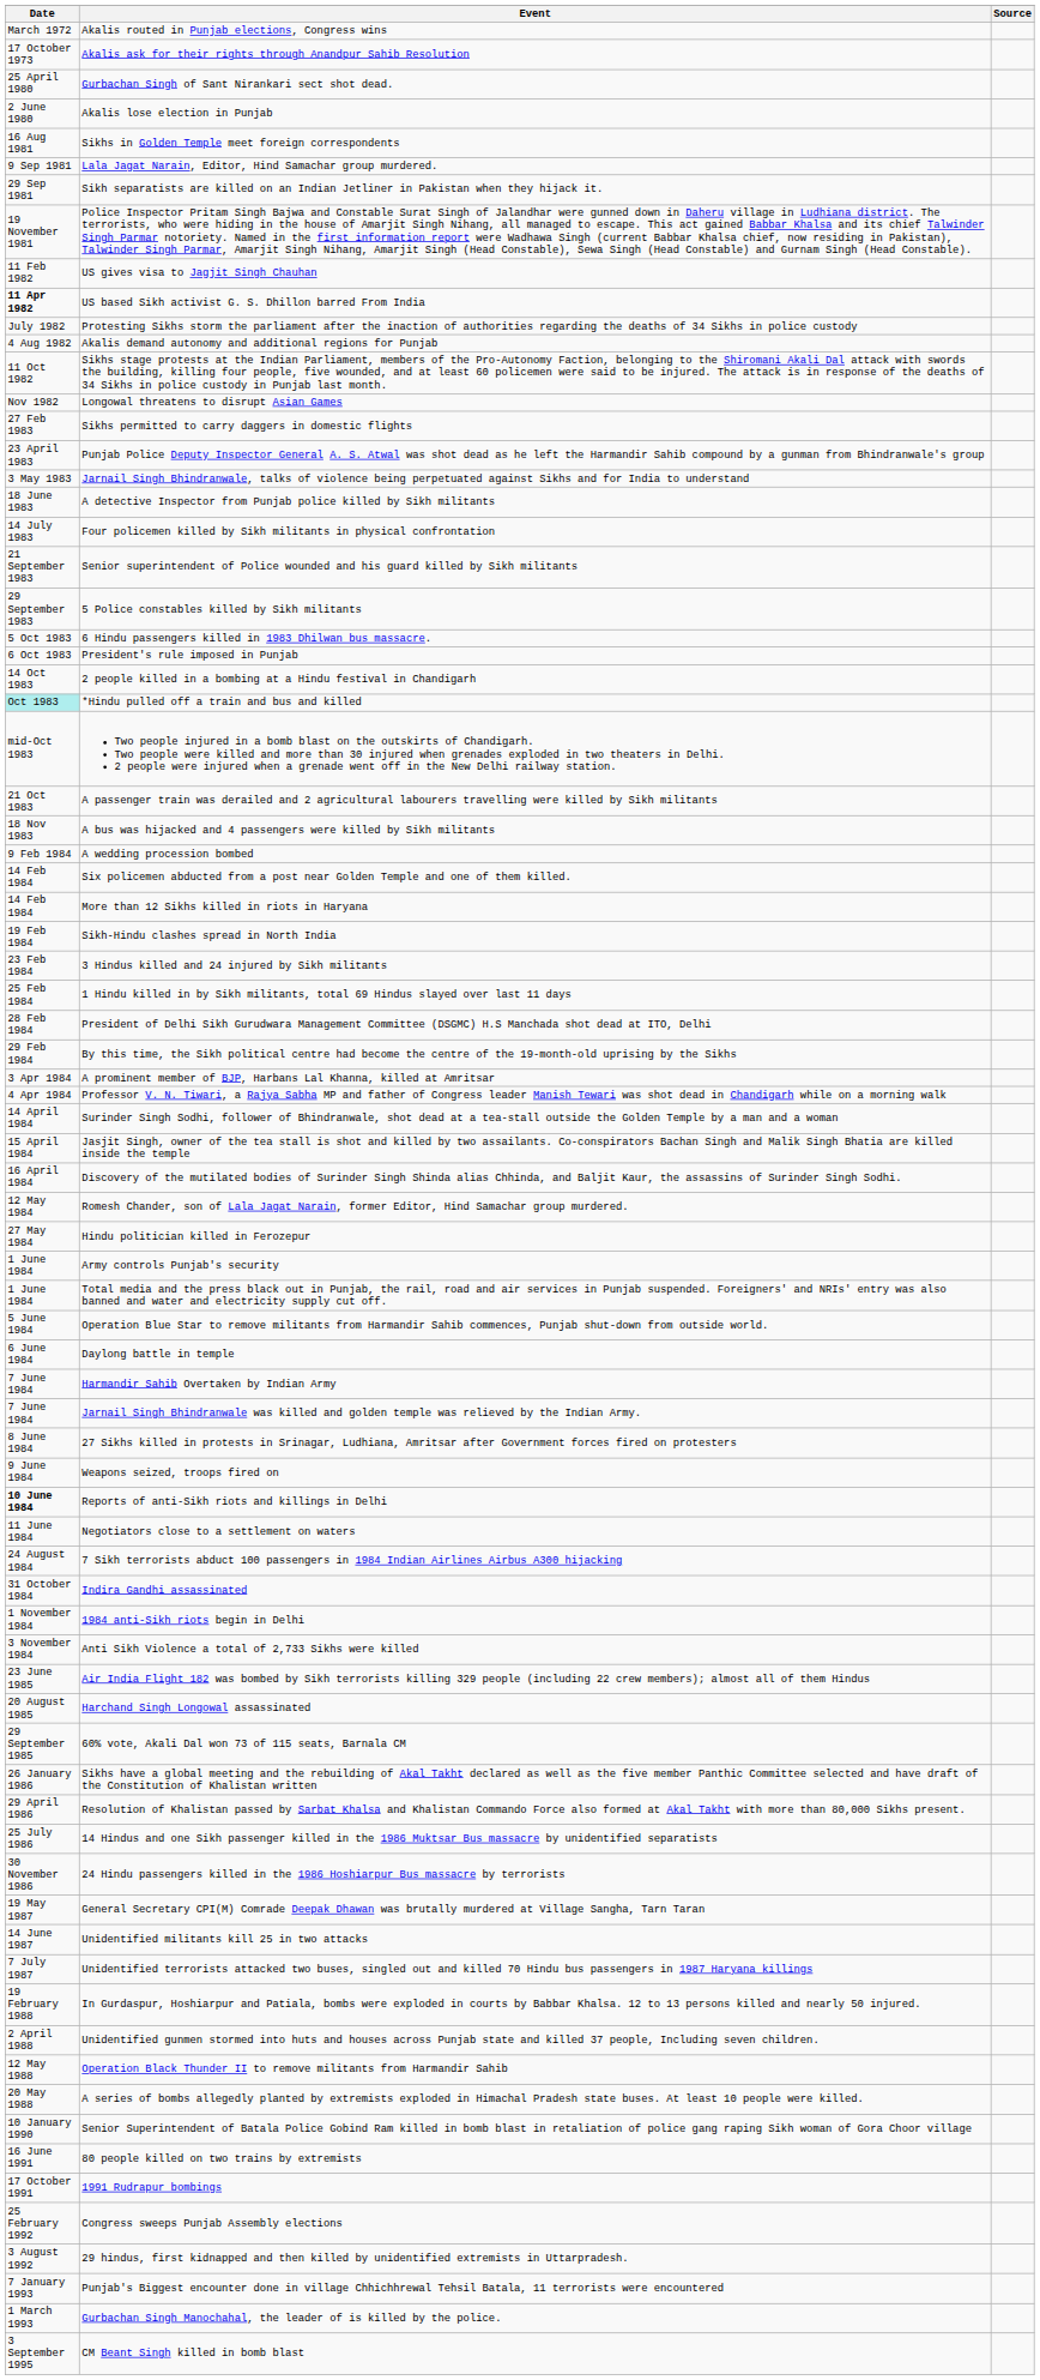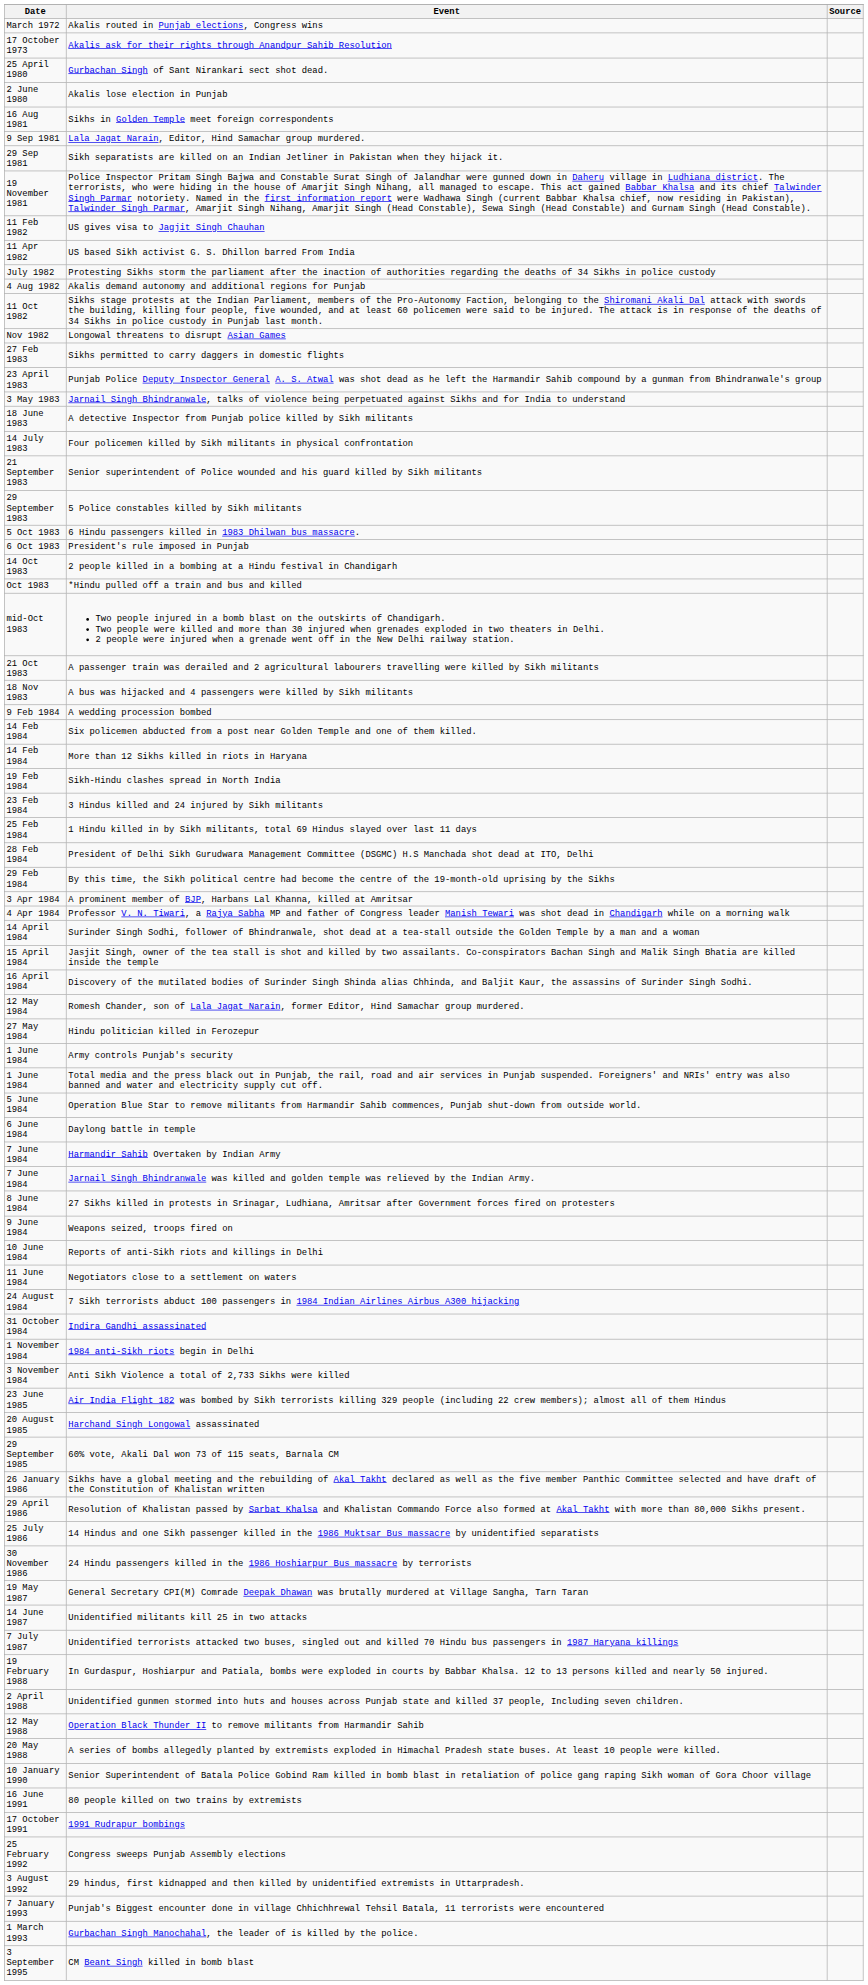 <table class="wikitable sortable" style="margin: 1em auto 1em auto">
 <tr>
 </tr>
 <tr>
 <th>Date</th>
 <th>Event</th>
 <th>Source</th>
 </tr>
 <tr>
 <td>March 1972</td>
 <td>Akalis routed in <a href='#'>Punjab elections</a>, Congress wins</td>
 <td></td>
 </tr>
 <tr>
 <td>17 October 1973</td>
 <td><a href='#'>Akalis ask for their rights through Anandpur Sahib Resolution</a></td>
 <td></td>
 </tr>
 <tr>
 <td>25 April 1980</td>
 <td><a href='#'>Gurbachan Singh</a> of Sant Nirankari sect shot dead.</td>
 <td></td>
 </tr>
 <tr>
 <td>2 June 1980</td>
 <td>Akalis lose election in Punjab</td>
 <td></td>
 </tr>
 <tr>
 <td>16 Aug 1981</td>
 <td>Sikhs in <a href='#'>Golden Temple</a> meet foreign correspondents</td>
 <td></td>
 </tr>
 <tr>
 <td>9 Sep 1981</td>
 <td><a href='#'>Lala Jagat Narain</a>, Editor, Hind Samachar group murdered.</td>
 <td></td>
 </tr>
 <tr>
 <td>29 Sep 1981</td>
 <td>Sikh separatists are killed on an Indian Jetliner in Pakistan when they hijack it.</td>
 <td></td>
 </tr>
 <tr>
 <td>19 November 1981</td>
 <td>Police Inspector Pritam Singh Bajwa and Constable Surat Singh of Jalandhar were gunned down in <a href='#'>Daheru</a> village in <a href='#'>Ludhiana district</a>. The terrorists, who were hiding in the house of Amarjit Singh Nihang, all managed to escape. This act gained <a href='#'>Babbar Khalsa</a> and its chief <a href='#'>Talwinder Singh Parmar</a> notoriety. Named in the <a href='#'>first information report</a> were Wadhawa Singh (current Babbar Khalsa chief, now residing in Pakistan), <a href='#'>Talwinder Singh Parmar</a>, Amarjit Singh Nihang, Amarjit Singh (Head Constable), Sewa Singh (Head Constable) and Gurnam Singh (Head Constable).</td>
 <td></td>
 </tr>
 <tr>
 <td>11 Feb 1982</td>
 <td>US gives visa to <a href='#'>Jagjit Singh Chauhan</a></td>
 <td></td>
 </tr>
 <tr>
-<td><strong>11 Apr 1982</strong></td>
+<td>11 Apr 1982</td>
 <td>US based Sikh activist G. S. Dhillon barred From India</td>
 <td></td>
 </tr>
 <tr>
 <td>July 1982</td>
 <td>Protesting Sikhs storm the parliament after the  inaction of authorities regarding the deaths of 34 Sikhs in police custody</td>
 <td></td>
 </tr>
 <tr>
 <td>4 Aug 1982</td>
 <td>Akalis demand autonomy and additional regions for Punjab</td>
 <td></td>
 </tr>
 <tr>
 <td>11 Oct 1982</td>
 <td>Sikhs stage protests at the Indian Parliament, members of the Pro-Autonomy Faction, belonging to the <a href='#'>Shiromani Akali Dal</a> attack with swords the building, killing four people, five wounded, and at least 60 policemen were said to be injured. The attack is in response of the deaths of 34 Sikhs in police custody in Punjab last month.</td>
 <td></td>
 </tr>
 <tr>
 <td>Nov 1982</td>
 <td>Longowal threatens to disrupt <a href='#'>Asian Games</a></td>
 <td></td>
 </tr>
 <tr>
 <td>27 Feb 1983</td>
 <td>Sikhs permitted to carry daggers in domestic flights</td>
 <td></td>
 </tr>
 <tr>
 <td>23 April 1983</td>
 <td>Punjab Police <a href='#'>Deputy Inspector General</a> <a href='#'>A. S. Atwal</a> was shot dead as he left the Harmandir Sahib compound by a gunman from Bhindranwale's group</td>
 <td></td>
 </tr>
 <tr>
 <td>3 May 1983</td>
 <td><a href='#'>Jarnail Singh Bhindranwale</a>, talks of violence being perpetuated against Sikhs and for India to understand</td>
 <td></td>
 </tr>
 <tr>
 <td>18 June 1983</td>
 <td>A detective Inspector from Punjab police killed by Sikh militants</td>
 <td></td>
 </tr>
 <tr>
 <td>14 July 1983</td>
 <td>Four policemen killed by Sikh militants in physical confrontation</td>
 <td></td>
 </tr>
 <tr>
 <td>21 September 1983</td>
 <td>Senior superintendent of Police wounded and his guard killed by Sikh militants</td>
 <td></td>
 </tr>
 <tr>
 <td>29 September 1983</td>
 <td>5 Police constables killed by Sikh militants</td>
 <td></td>
 </tr>
 <tr>
 <td>5 Oct 1983</td>
 <td>6 Hindu passengers killed in <a href='#'>1983 Dhilwan bus massacre</a>.</td>
 <td></td>
 </tr>
 <tr>
 <td>6 Oct 1983</td>
 <td>President's rule imposed in Punjab</td>
 <td></td>
 </tr>
 <tr>
 <td>14 Oct 1983</td>
 <td>2 people killed in a bombing at a Hindu festival in Chandigarh</td>
 <td></td>
 </tr>
 <tr>
-<td style="background: paleturquoise;">Oct 1983</td>
+<td>Oct 1983</td>
 <td>*Hindu pulled off a train and bus and killed</td>
 <td></td>
 </tr>
 <tr>
 <td>mid-Oct 1983</td>
 <td><br><ul><li>Two people injured in a bomb blast on the outskirts of Chandigarh.</li><li>Two people were killed and more than 30 injured when grenades exploded in two theaters in Delhi.</li><li>2 people were injured when a grenade went off in the New Delhi railway station.</li></ul></td>
 <td></td>
 </tr>
 <tr>
 <td>21 Oct 1983</td>
 <td>A passenger train was derailed and 2 agricultural labourers travelling were killed by Sikh militants</td>
 <td></td>
 </tr>
 <tr>
 <td>18 Nov 1983</td>
 <td>A bus was hijacked and 4 passengers were killed by Sikh militants</td>
 <td></td>
 </tr>
 <tr>
 <td>9 Feb 1984</td>
 <td>A wedding procession bombed</td>
 <td></td>
 </tr>
 <tr>
 <td>14 Feb 1984</td>
 <td>Six policemen abducted from a post near Golden Temple and one of them killed.</td>
 <td></td>
 </tr>
 <tr>
 <td>14 Feb 1984</td>
 <td>More than 12 Sikhs killed in riots in Haryana</td>
 <td></td>
 </tr>
 <tr>
 <td>19 Feb 1984</td>
 <td>Sikh-Hindu clashes spread in North India</td>
 <td></td>
 </tr>
 <tr>
 <td>23 Feb 1984</td>
 <td>3 Hindus killed and 24 injured by Sikh militants</td>
 <td></td>
 </tr>
 <tr>
 <td>25 Feb 1984</td>
 <td>1 Hindu killed in by Sikh militants, total 69 Hindus slayed over last 11 days</td>
 <td></td>
 </tr>
 <tr>
 <td>28 Feb 1984</td>
 <td>President of Delhi Sikh Gurudwara Management Committee (DSGMC) H.S Manchada shot dead at ITO, Delhi</td>
 <td></td>
 </tr>
 <tr>
 <td>29 Feb 1984</td>
 <td>By this time, the Sikh political centre had become the centre of the 19-month-old uprising by the Sikhs</td>
 <td></td>
 </tr>
 <tr>
 <td>3 Apr 1984</td>
 <td>A prominent member of <a href='#'>BJP</a>, Harbans Lal Khanna, killed at Amritsar</td>
 <td></td>
 </tr>
 <tr>
 <td>4 Apr 1984</td>
 <td>Professor  <a href='#'>V. N. Tiwari</a>, a <a href='#'>Rajya Sabha</a> MP and father of Congress leader <a href='#'>Manish Tewari</a> was shot dead in <a href='#'>Chandigarh</a> while on a morning walk</td>
 <td></td>
 </tr>
 <tr>
 <td>14 April 1984</td>
 <td>Surinder Singh Sodhi, follower of Bhindranwale, shot dead at a tea-stall outside the Golden Temple by a man and a woman</td>
 <td></td>
 </tr>
 <tr>
 <td>15 April 1984</td>
 <td>Jasjit Singh, owner of the tea stall is shot and killed by two assailants. Co-conspirators Bachan Singh and Malik Singh Bhatia are killed inside the temple</td>
 <td></td>
 </tr>
 <tr>
 <td>16 April 1984</td>
 <td>Discovery of the mutilated bodies of Surinder Singh Shinda alias Chhinda, and Baljit Kaur, the assassins of Surinder Singh Sodhi.</td>
 <td></td>
 </tr>
 <tr>
 <td>12 May 1984</td>
 <td>Romesh Chander, son of <a href='#'>Lala Jagat Narain</a>, former Editor, Hind Samachar group murdered.</td>
 <td></td>
 </tr>
 <tr>
 <td>27 May 1984</td>
 <td>Hindu politician killed in Ferozepur</td>
 <td></td>
 </tr>
 <tr>
 <td>1 June 1984</td>
 <td>Army controls Punjab's security</td>
 <td></td>
 </tr>
 <tr>
 <td>1 June 1984</td>
 <td>Total media and the press black out in Punjab, the rail, road and air services in Punjab suspended. Foreigners' and NRIs' entry was also banned and water and electricity supply cut off.</td>
 <td></td>
 </tr>
 <tr>
 <td>5 June 1984</td>
 <td>Operation Blue Star to remove militants from Harmandir Sahib commences, Punjab shut-down from outside world.</td>
 <td></td>
 </tr>
 <tr>
 <td>6 June 1984</td>
 <td>Daylong battle in temple</td>
 <td></td>
 </tr>
 <tr>
 <td>7 June 1984</td>
 <td><a href='#'>Harmandir Sahib</a> Overtaken by Indian Army</td>
 <td></td>
 </tr>
 <tr>
 <td>7 June 1984</td>
 <td><a href='#'>Jarnail Singh Bhindranwale</a> was killed and golden temple was relieved by the Indian Army.</td>
 <td></td>
 </tr>
 <tr>
 <td>8 June 1984</td>
 <td>27 Sikhs killed in protests in Srinagar, Ludhiana, Amritsar after Government forces fired on protesters</td>
 <td></td>
 </tr>
 <tr>
 <td>9 June 1984</td>
 <td>Weapons seized, troops fired on</td>
 <td></td>
 </tr>
 <tr>
-<td><strong>10 June 1984</strong></td>
+<td>10 June 1984</td>
 <td>Reports of anti-Sikh riots and killings in Delhi</td>
 <td></td>
 </tr>
 <tr>
 <td>11 June 1984</td>
 <td>Negotiators close to a settlement on waters</td>
 <td></td>
 </tr>
 <tr>
 <td>24 August 1984</td>
 <td>7 Sikh terrorists abduct 100 passengers in <a href='#'>1984 Indian Airlines Airbus A300 hijacking</a></td>
 <td></td>
 </tr>
 <tr>
 <td>31 October 1984</td>
 <td><a href='#'>Indira Gandhi assassinated</a></td>
 <td></td>
 </tr>
 <tr>
 <td>1 November 1984</td>
 <td><a href='#'>1984 anti-Sikh riots</a> begin in Delhi</td>
 <td></td>
 </tr>
 <tr>
 <td>3 November 1984</td>
 <td>Anti Sikh Violence a total of 2,733 Sikhs were killed</td>
 <td></td>
 </tr>
 <tr>
 <td>23 June 1985</td>
 <td><a href='#'>Air India Flight 182</a> was bombed by Sikh terrorists killing 329 people (including 22 crew members); almost all of them Hindus</td>
 <td></td>
 </tr>
 <tr>
 <td>20 August 1985</td>
 <td><a href='#'>Harchand Singh Longowal</a> assassinated</td>
 <td></td>
 </tr>
 <tr>
 <td>29 September 1985</td>
 <td>60% vote, Akali Dal won 73 of 115 seats, Barnala CM</td>
 <td></td>
 </tr>
 <tr>
 <td>26 January 1986</td>
 <td>Sikhs have a global meeting and the rebuilding of <a href='#'>Akal Takht</a> declared as well as the five member Panthic Committee selected and have draft of the Constitution of Khalistan written</td>
 <td></td>
 </tr>
 <tr>
 <td>29 April 1986</td>
 <td>Resolution of Khalistan passed by <a href='#'>Sarbat Khalsa</a> and Khalistan Commando Force also formed at <a href='#'>Akal Takht</a> with more than 80,000 Sikhs present.</td>
 <td></td>
 </tr>
 <tr>
 <td>25 July 1986</td>
 <td>14 Hindus and one Sikh passenger killed in the <a href='#'>1986 Muktsar Bus massacre</a> by unidentified separatists</td>
 <td></td>
 </tr>
 <tr>
 <td>30 November 1986</td>
 <td>24 Hindu passengers killed in the <a href='#'>1986 Hoshiarpur Bus massacre</a>  by terrorists</td>
 <td></td>
 </tr>
 <tr>
 <td>19 May 1987</td>
 <td>General Secretary CPI(M) Comrade <a href='#'>Deepak Dhawan</a> was brutally murdered at Village Sangha, Tarn Taran</td>
 <td></td>
 </tr>
 <tr>
 <td>14 June 1987</td>
 <td>Unidentified militants kill 25 in two attacks</td>
 <td></td>
 </tr>
 <tr>
 <td>7 July 1987</td>
 <td>Unidentified terrorists attacked two buses, singled out and killed 70 Hindu bus passengers in <a href='#'>1987 Haryana killings</a></td>
 <td></td>
 </tr>
 <tr>
 <td>19 February 1988</td>
 <td>In Gurdaspur, Hoshiarpur and Patiala, bombs were exploded in courts by Babbar Khalsa. 12 to 13 persons killed and nearly 50 injured.</td>
 <td></td>
 </tr>
 <tr>
 <td>2 April 1988</td>
 <td>Unidentified gunmen stormed into huts and houses across Punjab state and killed 37 people, Including seven children.</td>
 <td></td>
 </tr>
 <tr>
 <td>12 May 1988</td>
 <td><a href='#'>Operation Black Thunder II</a> to remove militants from Harmandir Sahib</td>
 <td></td>
 </tr>
 <tr>
 <td>20 May 1988</td>
 <td>A series of bombs allegedly planted by extremists exploded in Himachal Pradesh state buses. At least 10 people were killed.</td>
 <td></td>
 </tr>
 <tr>
 <td>10 January 1990</td>
 <td>Senior Superintendent of Batala Police Gobind Ram killed in bomb blast in retaliation of police gang raping Sikh woman of Gora Choor village</td>
 <td></td>
 </tr>
 <tr>
 <td>16 June 1991</td>
 <td>80 people killed on two trains by extremists</td>
 <td></td>
 </tr>
 <tr>
 <td>17 October 1991</td>
 <td><a href='#'>1991 Rudrapur bombings</a></td>
 <td></td>
 </tr>
 <tr>
 <td>25 February 1992</td>
 <td>Congress sweeps Punjab Assembly elections</td>
 <td></td>
 </tr>
 <tr>
 <td>3 August 1992</td>
 <td>29 hindus, first kidnapped and then killed by unidentified extremists in Uttarpradesh.</td>
 <td></td>
 </tr>
 <tr>
 <td>7 January 1993</td>
 <td>Punjab's Biggest encounter done in village Chhichhrewal Tehsil Batala, 11 terrorists were encountered</td>
 <td><br></td>
 </tr>
 <tr>
 <td>1 March 1993</td>
 <td><a href='#'>Gurbachan Singh Manochahal</a>, the leader of is killed by the police.</td>
 <td></td>
 </tr>
 <tr>
 <td>3 September 1995</td>
 <td>CM <a href='#'>Beant Singh</a> killed in bomb blast</td>
 <td></td>
 </tr>
 </table>
